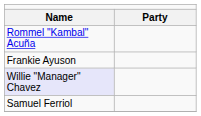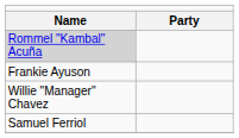 <table class=wikitable style="font-size:90%">
 <tr>
 <td colspan="4" bgcolor=></td>
 </tr>
 <tr>
 <th width=150px>Name</th>
 <th colspan="2" width=110px>Party</th>
 </tr>
 <tr>
-<td><a href='#'>Rommel "Kambal" Acuña</a></td>
+<td style="background: lightgrey;"><a href='#'>Rommel "Kambal" Acuña</a></td>
 <td></td>
 </tr>
 <tr>
 <td>Frankie Ayuson</td>
 <td></td>
 </tr>
 <tr>
-<td style="background: lavender;">Willie "Manager" Chavez</td>
+<td>Willie "Manager" Chavez</td>
 <td></td>
 </tr>
 <tr>
 <td>Samuel Ferriol</td>
 <td></td>
 </tr>
 <tr>
 </tr>
 </table>
